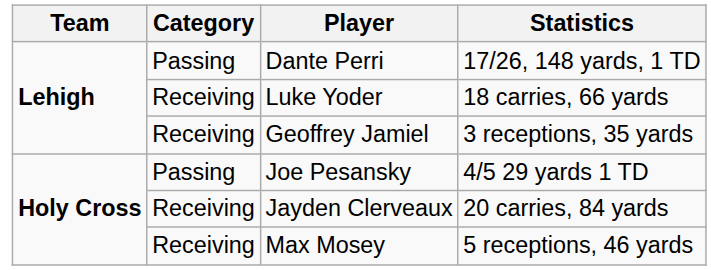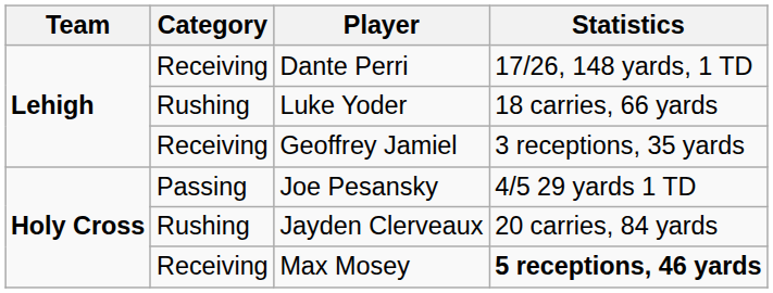 <table class="wikitable" style="float: right;">
 <tr>
 <th>Team</th>
 <th>Category</th>
 <th>Player</th>
 <th>Statistics</th>
 </tr>
 <tr>
 <td rowspan=3><strong>Lehigh</strong></td>
-<td>Passing</td>
+<td>Receiving</td>
 <td>Dante Perri</td>
 <td>17/26, 148 yards, 1 TD</td>
 </tr>
 <tr>
-<td>Receiving</td>
+<td>Rushing</td>
 <td>Luke Yoder</td>
 <td>18 carries, 66 yards</td>
 </tr>
 <tr>
 <td>Receiving</td>
 <td>Geoffrey Jamiel</td>
 <td>3 receptions, 35 yards</td>
 </tr>
 <tr>
 <td rowspan=3><strong>Holy Cross</strong></td>
 <td>Passing</td>
 <td>Joe Pesansky</td>
 <td>4/5 29 yards 1 TD</td>
 </tr>
 <tr>
-<td>Receiving</td>
+<td>Rushing</td>
 <td>Jayden Clerveaux</td>
 <td>20 carries, 84 yards</td>
 </tr>
 <tr>
 <td>Receiving</td>
 <td>Max Mosey</td>
-<td>5 receptions, 46 yards</td>
+<td><strong>5 receptions, 46 yards</strong></td>
 </tr>
 </table>
